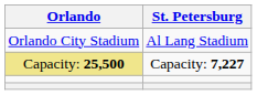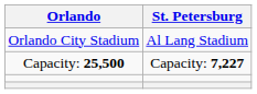 <table class="wikitable" style="text-align:center">
 <tr>
 <th><a href='#'>Orlando</a></th>
 <th><a href='#'>St. Petersburg</a></th>
 </tr>
 <tr>
 <td><a href='#'>Orlando City Stadium</a></td>
 <td><a href='#'>Al Lang Stadium</a></td>
 </tr>
 <tr>
-<td style="background: khaki;">Capacity: <strong>25,500</strong></td>
+<td>Capacity: <strong>25,500</strong></td>
 <td>Capacity: <strong>7,227</strong></td>
 </tr>
 <tr>
 <td></td>
 <td></td>
 </tr>
 <tr>
 <th></th>
 <th></th>
 </tr>
 </table>
